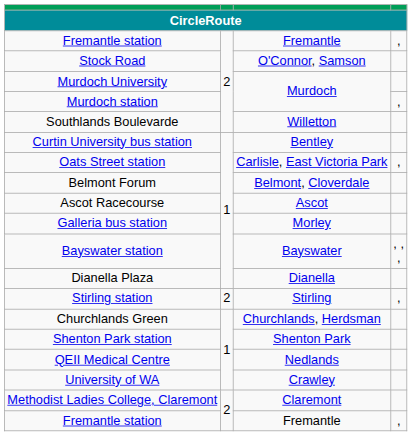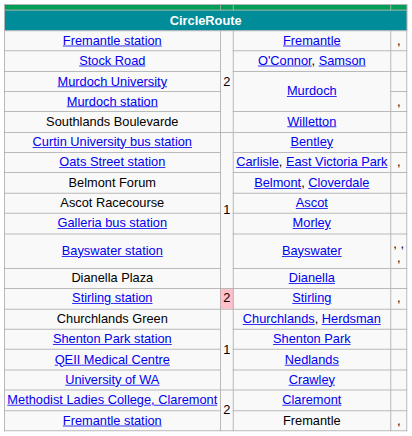 <table border="1" cellspacing="0" cellpadding="2" align="center" id="toc" class="wikitable" style="text-align:center;">
 <tr>
 <th style="background:#009E58"></th>
 <th style="background:#009E58"></th>
 <th style="background:#009E58"></th>
 <th style="background:#009E58"></th>
 </tr>
 <tr>
 <th colspan="5" style="background:#008C99;color:white;">CircleRoute</th>
 </tr>
 <tr>
 <td><a href='#'>Fremantle station</a></td>
 <td rowspan="5">2</td>
 <td><a href='#'>Fremantle</a></td>
 <td>, </td>
 </tr>
 <tr>
 <td><a href='#'>Stock Road</a></td>
 <td><a href='#'>O'Connor</a>, <a href='#'>Samson</a></td>
 <td></td>
 </tr>
 <tr>
 <td><a href='#'>Murdoch University</a></td>
 <td rowspan="2"><a href='#'>Murdoch</a></td>
 <td></td>
 </tr>
 <tr>
 <td><a href='#'>Murdoch station</a></td>
 <td>, </td>
 </tr>
 <tr>
 <td>Southlands Boulevarde</td>
 <td><a href='#'>Willetton</a></td>
 <td></td>
 </tr>
 <tr>
 <td><a href='#'>Curtin University bus station</a></td>
 <td rowspan="7">1</td>
 <td><a href='#'>Bentley</a></td>
 <td></td>
 </tr>
 <tr>
 <td><a href='#'>Oats Street station</a></td>
 <td><a href='#'>Carlisle</a>, <a href='#'>East Victoria Park</a></td>
 <td>, </td>
 </tr>
 <tr>
 <td>Belmont Forum</td>
 <td><a href='#'>Belmont</a>, <a href='#'>Cloverdale</a></td>
 <td></td>
 </tr>
 <tr>
 <td>Ascot Racecourse</td>
 <td><a href='#'>Ascot</a></td>
 <td></td>
 </tr>
 <tr>
 <td><a href='#'>Galleria bus station</a></td>
 <td><a href='#'>Morley</a></td>
 <td></td>
 </tr>
 <tr>
 <td><a href='#'>Bayswater station</a></td>
 <td><a href='#'>Bayswater</a></td>
 <td>, ,<br>,<br></td>
 </tr>
 <tr>
 <td>Dianella Plaza</td>
 <td><a href='#'>Dianella</a></td>
 <td></td>
 </tr>
 <tr>
 <td><a href='#'>Stirling station</a></td>
-<td>2</td>
+<td style="background: pink;">2</td>
 <td><a href='#'>Stirling</a></td>
 <td>, </td>
 </tr>
 <tr>
 <td>Churchlands Green</td>
 <td rowspan="4">1</td>
 <td><a href='#'>Churchlands</a>, <a href='#'>Herdsman</a></td>
 </tr>
 <tr>
 <td><a href='#'>Shenton Park station</a></td>
 <td><a href='#'>Shenton Park</a></td>
 <td></td>
 </tr>
 <tr>
 <td><a href='#'>QEII Medical Centre</a></td>
 <td><a href='#'>Nedlands</a></td>
 <td></td>
 </tr>
 <tr>
 <td><a href='#'>University of WA</a></td>
 <td><a href='#'>Crawley</a></td>
 <td></td>
 </tr>
 <tr>
 <td><a href='#'>Methodist Ladies College, Claremont</a></td>
 <td rowspan="2">2</td>
 <td><a href='#'>Claremont</a></td>
 <td></td>
 </tr>
 <tr>
 <td><a href='#'>Fremantle station</a></td>
 <td>Fremantle</td>
 <td>, </td>
 </tr>
 </table>
